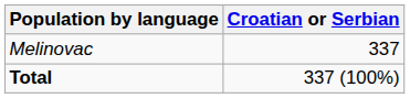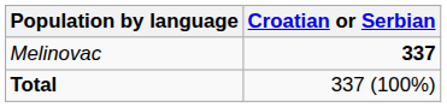 <table class="wikitable sortable">
 <tr>
 <th>Population by language</th>
 <th><a href='#'>Croatian</a> or <a href='#'>Serbian</a></th>
 </tr>
 <tr>
 <td><em>Melinovac</em></td>
-<td align="right">337</td>
+<td align="right"><strong>337</strong></td>
 </tr>
 <tr>
 <td><strong>Total</strong></td>
 <td align="right">337 (100%)</td>
 </tr>
 </table>
